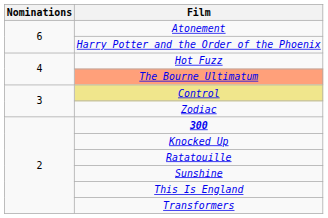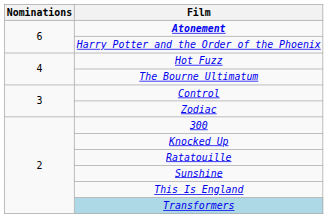 <table class="wikitable" style="text-align:center;">
 <tr>
 <th scope="col" width="55">Nominations</th>
 <th scope="col">Film</th>
 </tr>
 <tr>
 <td rowspan=2>6</td>
-<td><em><a href='#'>Atonement</a></em></td>
+<td><strong><em><a href='#'>Atonement</a></em></strong></td>
 </tr>
 <tr>
 <td><em><a href='#'>Harry Potter and the Order of the Phoenix</a></em></td>
 </tr>
 <tr>
 <td rowspan=2>4</td>
 <td><em><a href='#'>Hot Fuzz</a></em></td>
 </tr>
 <tr>
-<td style="background: lightsalmon;"><em><a href='#'>The Bourne Ultimatum</a></em></td>
+<td><em><a href='#'>The Bourne Ultimatum</a></em></td>
 </tr>
 <tr>
 <td rowspan=2>3</td>
-<td style="background: khaki;"><em><a href='#'>Control</a></em></td>
+<td><em><a href='#'>Control</a></em></td>
 </tr>
 <tr>
 <td><em><a href='#'>Zodiac</a></em></td>
 </tr>
 <tr>
 <td rowspan=6>2</td>
-<td><strong><em><a href='#'>300</a></em></strong></td>
+<td><em><a href='#'>300</a></em></td>
 </tr>
 <tr>
 <td><em><a href='#'>Knocked Up</a></em></td>
 </tr>
 <tr>
 <td><em><a href='#'>Ratatouille</a></em></td>
 </tr>
 <tr>
 <td><em><a href='#'>Sunshine</a></em></td>
 </tr>
 <tr>
 <td><em><a href='#'>This Is England</a></em></td>
 </tr>
 <tr>
-<td><em><a href='#'>Transformers</a></em></td>
+<td style="background: lightblue;"><em><a href='#'>Transformers</a></em></td>
 </tr>
 </table>
